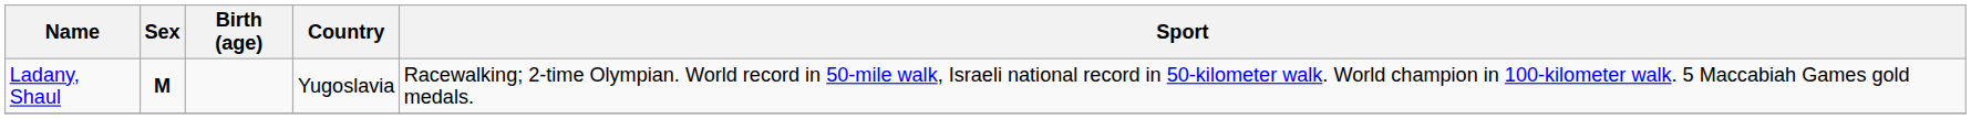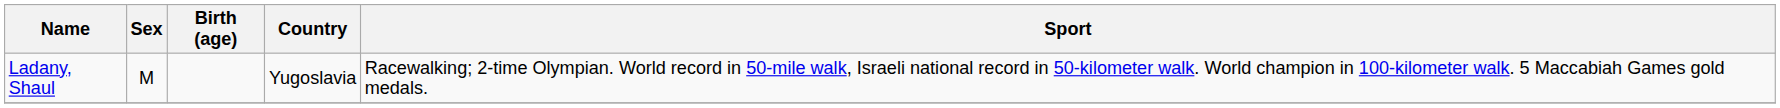 <table class="wikitable sortable">
 <tr>
 <th>Name</th>
 <th>Sex</th>
 <th>Birth (age)</th>
 <th>Country</th>
 <th>Sport</th>
 </tr>
 <tr>
 <td><a href='#'>Ladany, Shaul</a></td>
-<td style="text-align:center"><strong>M</strong></td>
+<td style="text-align:center">M</td>
 <td></td>
 <td>Yugoslavia</td>
 <td>Racewalking; 2-time Olympian. World record in <a href='#'>50-mile walk</a>, Israeli national record in <a href='#'>50-kilometer walk</a>. World champion in <a href='#'>100-kilometer walk</a>. 5 Maccabiah Games gold medals.</td>
 </tr>
 <tr>
 </tr>
 </table>
